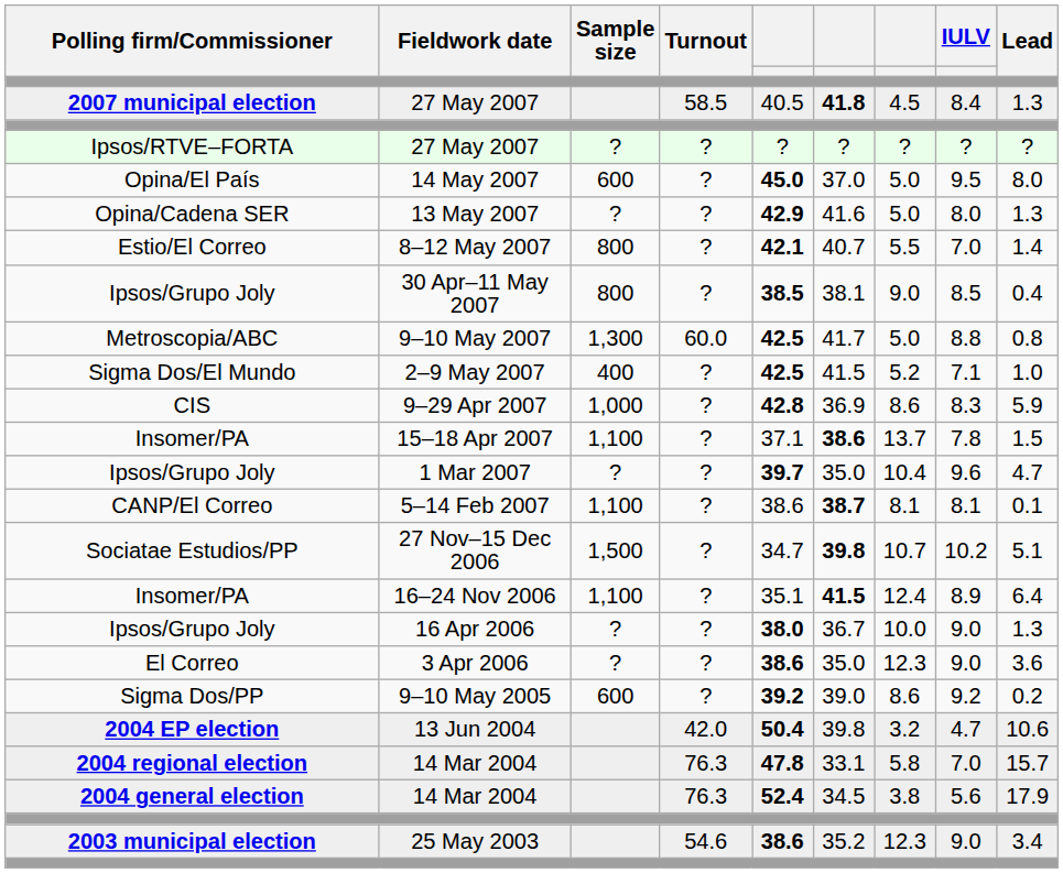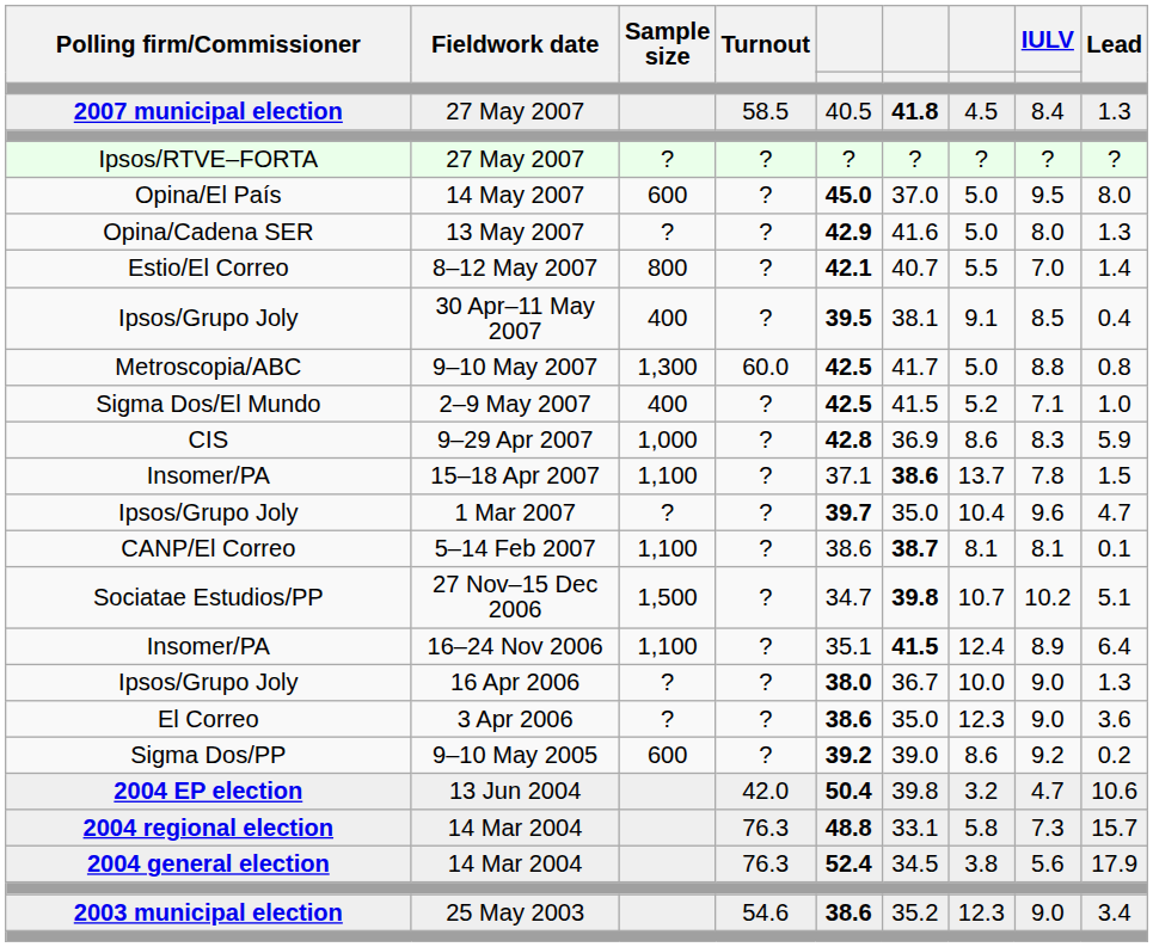 <table class="wikitable collapsible collapsed" style="text-align:center; font-size:95%; line-height:16px;">
 <tr style="height:42px;">
 <th style="width:250px;" rowspan="2">Polling firm/Commissioner</th>
 <th style="width:125px;" rowspan="2">Fieldwork date</th>
 <th style="width:50px;" rowspan="2">Sample size</th>
 <th style="width:45px;" rowspan="2">Turnout</th>
 <th style="width:35px;"></th>
 <th style="width:35px;"></th>
 <th style="width:35px;"></th>
 <th style="width:35px;"><a href='#'>IULV</a></th>
 <th style="width:30px;" rowspan="2">Lead</th>
 </tr>
 <tr>
 <th style="color:inherit;background:"></th>
 <th style="color:inherit;background:"></th>
 <th style="color:inherit;background:"></th>
 <th style="color:inherit;background:"></th>
 </tr>
 <tr>
 <td colspan="9" style="background:#A0A0A0"></td>
 </tr>
 <tr style="background:#EFEFEF;">
 <td><strong><a href='#'>2007 municipal election</a></strong></td>
 <td>27 May 2007</td>
 <td></td>
 <td>58.5</td>
 <td>40.5<br></td>
 <td><strong>41.8</strong><br></td>
 <td>4.5<br></td>
 <td>8.4<br></td>
 <td style="background:">1.3</td>
 </tr>
 <tr>
 <td colspan="9" style="background:#A0A0A0"></td>
 </tr>
 <tr style="background:#EAFFEA;">
 <td>Ipsos/RTVE–FORTA</td>
 <td>27 May 2007</td>
 <td>?</td>
 <td>?</td>
 <td>?<br></td>
 <td>?<br></td>
 <td>?<br></td>
 <td>?<br></td>
 <td style="background:">?</td>
 </tr>
 <tr>
 <td>Opina/El País</td>
 <td>14 May 2007</td>
 <td>600</td>
 <td>?</td>
 <td><strong>45.0</strong><br></td>
 <td>37.0<br></td>
 <td>5.0<br></td>
 <td>9.5<br></td>
 <td style="background:">8.0</td>
 </tr>
 <tr>
 <td>Opina/Cadena SER</td>
 <td>13 May 2007</td>
 <td>?</td>
 <td>?</td>
 <td><strong>42.9</strong><br></td>
 <td>41.6<br></td>
 <td>5.0<br></td>
 <td>8.0<br></td>
 <td style="background:">1.3</td>
 </tr>
 <tr>
 <td>Estio/El Correo</td>
 <td>8–12 May 2007</td>
 <td>800</td>
 <td>?</td>
 <td><strong>42.1</strong><br></td>
 <td>40.7<br></td>
 <td>5.5<br></td>
 <td>7.0<br></td>
 <td style="background:">1.4</td>
 </tr>
 <tr>
 <td>Ipsos/Grupo Joly</td>
 <td>30 Apr–11 May 2007</td>
-<td>800</td>
+<td>400</td>
 <td>?</td>
-<td><strong>38.5</strong><br></td>
+<td><strong>39.5</strong><br></td>
 <td>38.1<br></td>
-<td>9.0<br></td>
+<td>9.1<br></td>
 <td>8.5<br></td>
 <td style="background:">0.4</td>
 </tr>
 <tr>
 <td>Metroscopia/ABC</td>
 <td>9–10 May 2007</td>
 <td>1,300</td>
 <td>60.0</td>
 <td><strong>42.5</strong><br></td>
 <td>41.7<br></td>
 <td>5.0<br></td>
 <td>8.8<br></td>
 <td style="background:">0.8</td>
 </tr>
 <tr>
 <td>Sigma Dos/El Mundo</td>
 <td>2–9 May 2007</td>
 <td>400</td>
 <td>?</td>
 <td><strong>42.5</strong><br></td>
 <td>41.5<br></td>
 <td>5.2<br></td>
 <td>7.1<br></td>
 <td style="background:">1.0</td>
 </tr>
 <tr>
 <td>CIS</td>
 <td>9–29 Apr 2007</td>
 <td>1,000</td>
 <td>?</td>
 <td><strong>42.8</strong><br></td>
 <td>36.9<br></td>
 <td>8.6<br></td>
 <td>8.3<br></td>
 <td style="background:">5.9</td>
 </tr>
 <tr>
 <td>Insomer/PA</td>
 <td>15–18 Apr 2007</td>
 <td>1,100</td>
 <td>?</td>
 <td>37.1<br></td>
 <td><strong>38.6</strong><br></td>
 <td>13.7<br></td>
 <td>7.8<br></td>
 <td style="background:">1.5</td>
 </tr>
 <tr>
 <td>Ipsos/Grupo Joly</td>
 <td>1 Mar 2007</td>
 <td>?</td>
 <td>?</td>
 <td><strong>39.7</strong><br></td>
 <td>35.0<br></td>
 <td>10.4<br></td>
 <td>9.6<br></td>
 <td style="background:">4.7</td>
 </tr>
 <tr>
 <td>CANP/El Correo</td>
 <td>5–14 Feb 2007</td>
 <td>1,100</td>
 <td>?</td>
 <td>38.6<br></td>
 <td><strong>38.7</strong><br></td>
 <td>8.1<br></td>
 <td>8.1<br></td>
 <td style="background:">0.1</td>
 </tr>
 <tr>
 <td>Sociatae Estudios/PP</td>
 <td>27 Nov–15 Dec 2006</td>
 <td>1,500</td>
 <td>?</td>
 <td>34.7<br></td>
 <td><strong>39.8</strong><br></td>
 <td>10.7<br></td>
 <td>10.2<br></td>
 <td style="background:">5.1</td>
 </tr>
 <tr>
 <td>Insomer/PA</td>
 <td>16–24 Nov 2006</td>
 <td>1,100</td>
 <td>?</td>
 <td>35.1<br></td>
 <td><strong>41.5</strong><br></td>
 <td>12.4<br></td>
 <td>8.9<br></td>
 <td style="background:">6.4</td>
 </tr>
 <tr>
 <td>Ipsos/Grupo Joly</td>
 <td>16 Apr 2006</td>
 <td>?</td>
 <td>?</td>
 <td><strong>38.0</strong><br></td>
 <td>36.7<br></td>
 <td>10.0<br></td>
 <td>9.0<br></td>
 <td style="background:">1.3</td>
 </tr>
 <tr>
 <td>El Correo</td>
 <td>3 Apr 2006</td>
 <td>?</td>
 <td>?</td>
 <td><strong>38.6</strong><br></td>
 <td>35.0<br></td>
 <td>12.3<br></td>
 <td>9.0<br></td>
 <td style="background:">3.6</td>
 </tr>
 <tr>
 <td>Sigma Dos/PP</td>
 <td>9–10 May 2005</td>
 <td>600</td>
 <td>?</td>
 <td><strong>39.2</strong><br></td>
 <td>39.0<br></td>
 <td>8.6<br></td>
 <td>9.2<br></td>
 <td style="background:">0.2</td>
 </tr>
 <tr style="background:#EFEFEF;">
 <td><strong><a href='#'>2004 EP election</a></strong></td>
 <td>13 Jun 2004</td>
 <td></td>
 <td>42.0</td>
 <td><strong>50.4</strong><br></td>
 <td>39.8<br></td>
 <td>3.2<br></td>
 <td>4.7<br></td>
 <td style="background:">10.6</td>
 </tr>
 <tr style="background:#EFEFEF;">
 <td><strong><a href='#'>2004 regional election</a></strong></td>
 <td>14 Mar 2004</td>
 <td></td>
 <td>76.3</td>
-<td><strong>47.8</strong><br></td>
+<td><strong>48.8</strong><br></td>
 <td>33.1<br></td>
 <td>5.8<br></td>
-<td>7.0<br></td>
+<td>7.3<br></td>
 <td style="background:">15.7</td>
 </tr>
 <tr style="background:#EFEFEF;">
 <td><strong><a href='#'>2004 general election</a></strong></td>
 <td>14 Mar 2004</td>
 <td></td>
 <td>76.3</td>
 <td><strong>52.4</strong><br></td>
 <td>34.5<br></td>
 <td>3.8<br></td>
 <td>5.6<br></td>
 <td style="background:">17.9</td>
 </tr>
 <tr>
 <td colspan="9" style="background:#A0A0A0"></td>
 </tr>
 <tr style="background:#EFEFEF;">
 <td><strong><a href='#'>2003 municipal election</a></strong></td>
 <td>25 May 2003</td>
 <td></td>
 <td>54.6</td>
 <td><strong>38.6</strong><br></td>
 <td>35.2<br></td>
 <td>12.3<br></td>
 <td>9.0<br></td>
 <td style="background:">3.4</td>
 </tr>
 <tr>
 <td colspan="9" style="background:#A0A0A0"></td>
 </tr>
 </table>
